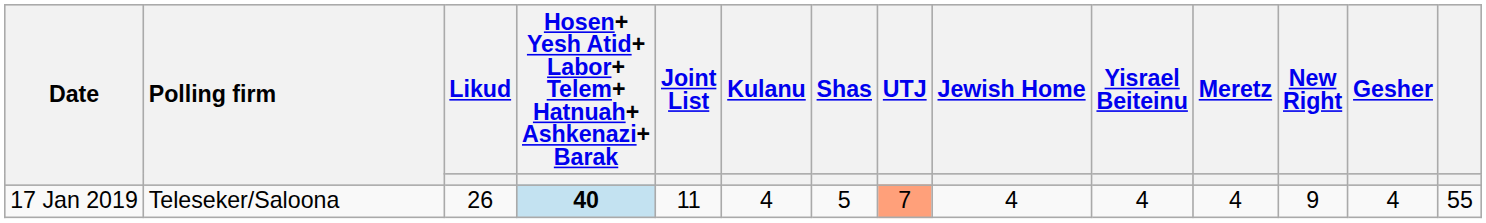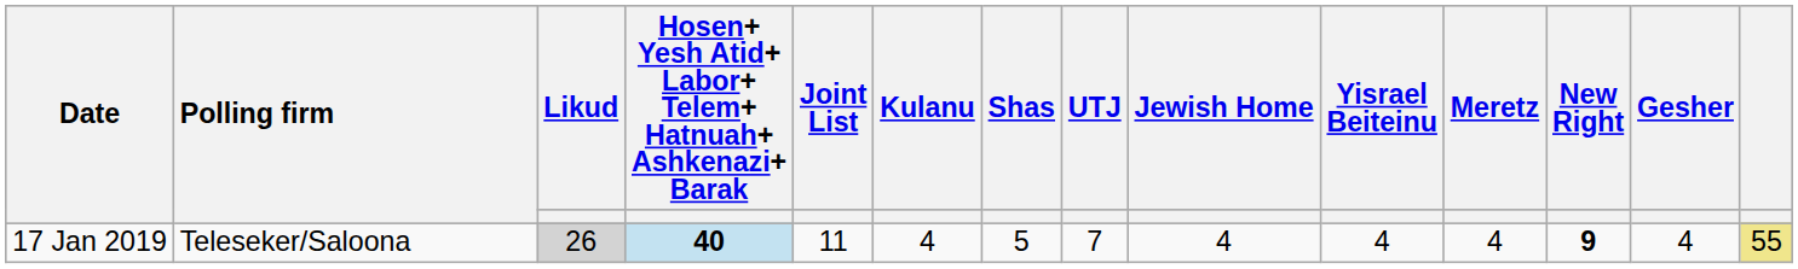 <table class="wikitable" style="text-align:center; font-size:90%; line-height:14px;">
 <tr>
 <th rowspan="2">Date</th>
 <th style="width:180px;text-align:left;" rowspan="2">Polling firm</th>
 <th><a href='#'>Likud</a></th>
 <th><a href='#'>Hosen</a>+<br><a href='#'>Yesh Atid</a>+<br><a href='#'>Labor</a>+<br><a href='#'>Telem</a>+<br><a href='#'>Hatnuah</a>+<br><a href='#'>Ashkenazi</a>+<br><a href='#'>Barak</a></th>
 <th><a href='#'>Joint<br>List</a></th>
 <th><a href='#'>Kulanu</a></th>
 <th><a href='#'>Shas</a></th>
 <th><a href='#'>UTJ</a></th>
 <th><a href='#'>Jewish Home</a></th>
 <th><a href='#'>Yisrael<br>Beiteinu</a></th>
 <th><a href='#'>Meretz</a></th>
 <th><a href='#'>New<br>Right</a></th>
 <th><a href='#'>Gesher</a></th>
 <th style="width:20px;"></th>
 </tr>
 <tr>
 <th style="color:inherit;background:"></th>
 <th style="color:inherit;background:"></th>
 <th style="color:inherit;background:"></th>
 <th style="color:inherit;background:"></th>
 <th style="color:inherit;background:"></th>
 <th style="color:inherit;background:"></th>
 <th style="color:inherit;background:"></th>
 <th style="color:inherit;background:"></th>
 <th style="color:inherit;background:"></th>
 <th style="color:inherit;background:"></th>
 <th style="color:inherit;background:"></th>
 <th style="color:inherit;background:"></th>
 </tr>
 <tr>
 <td>17 Jan 2019</td>
 <td style="text-align:left;">Teleseker/Saloona</td>
-<td>26					</td>
+<td style="background: lightgrey;">26					</td>
 <td style="background:#C3E2F1"><strong>40</strong>	</td>
 <td>11					</td>
 <td>4					</td>
 <td>5					</td>
-<td style="background: lightsalmon;">7					</td>
+<td>7					</td>
 <td>4					</td>
 <td>4					</td>
 <td>4					</td>
-<td>9					</td>
+<td><strong>9					</strong></td>
 <td>4					</td>
-<td>55					</td>
+<td style="background: khaki;">55					</td>
 </tr>
 </table>
